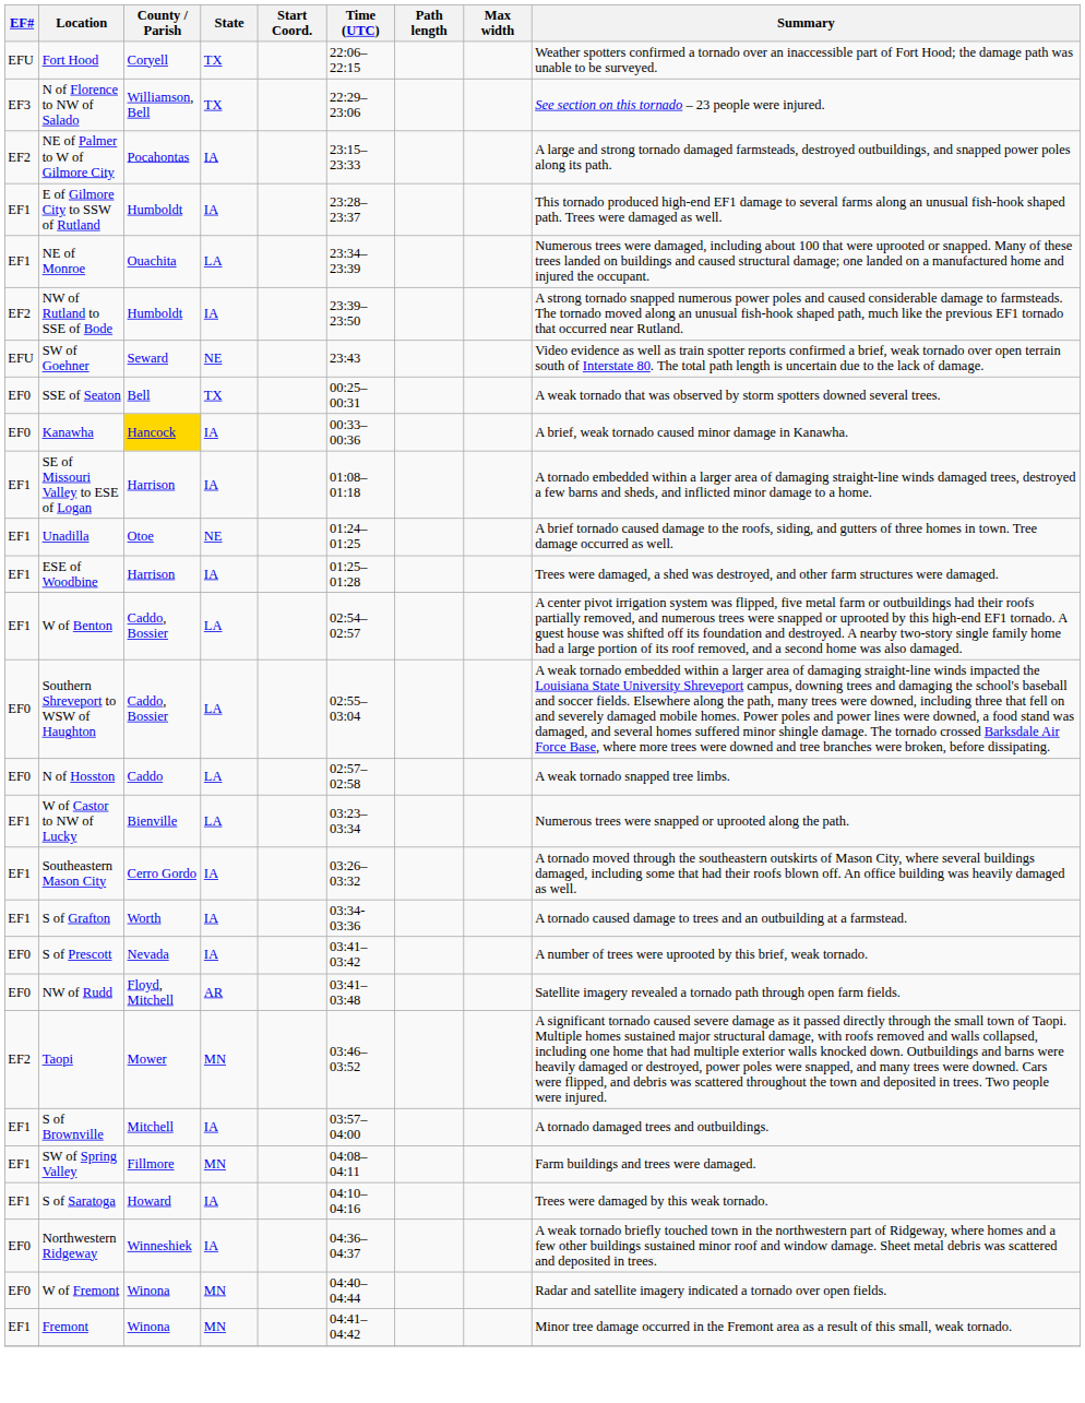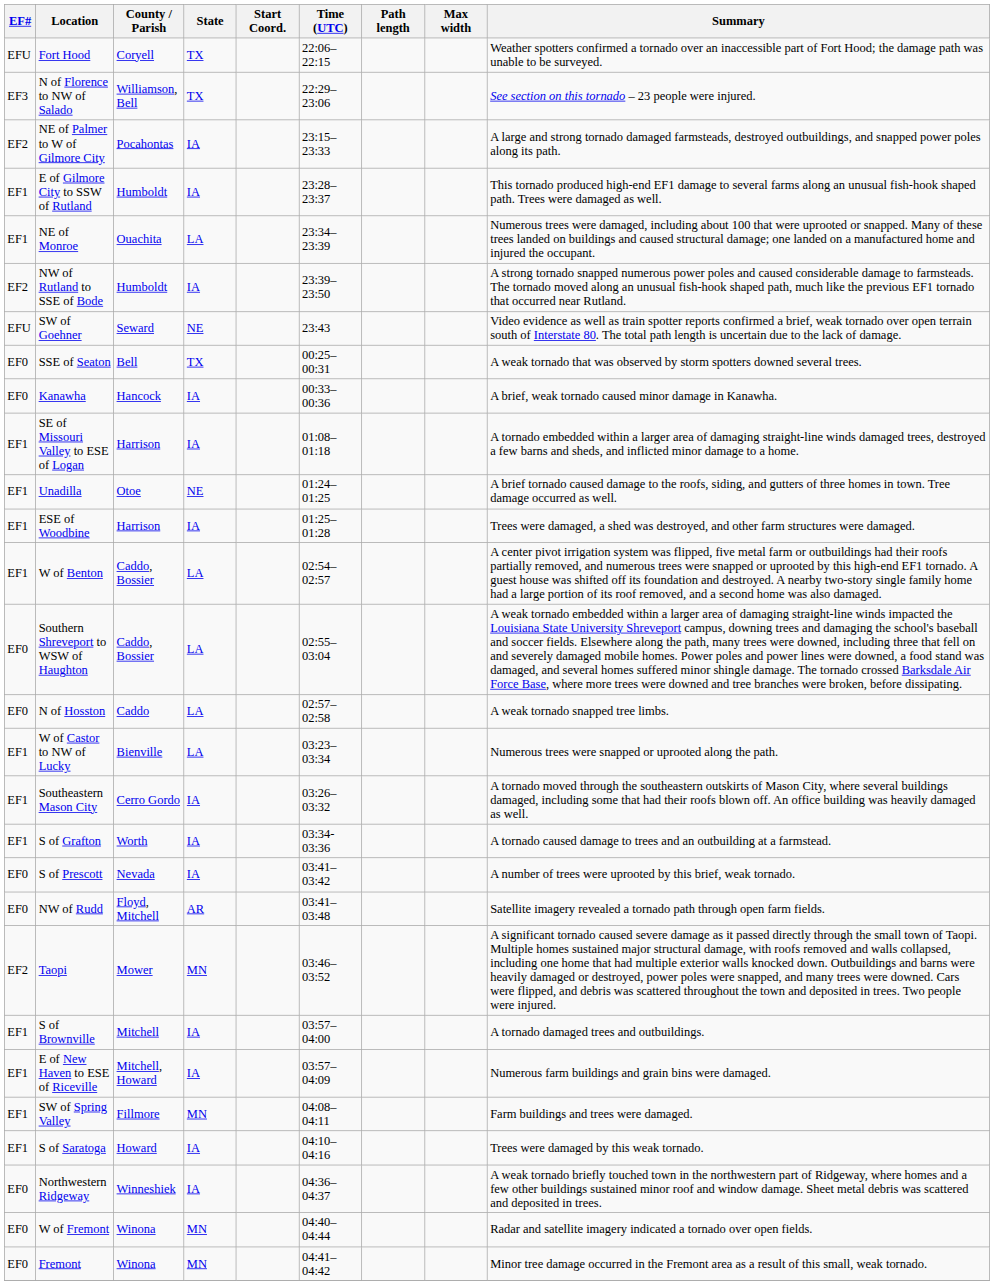 <table class="wikitable sortable" style="width:100%;">
 <tr>
 <th scope="col"  style="width:3%; text-align:center;"><a href='#'>EF#</a></th>
 <th scope="col"  style="width:7%; text-align:center;" class="unsortable">Location</th>
 <th scope="col"  style="width:6%; text-align:center;" class="unsortable">County / Parish</th>
 <th scope="col"  style="width:5%; text-align:center;">State</th>
 <th scope="col"  style="width:6%; text-align:center;">Start Coord.</th>
 <th scope="col"  style="width:6%; text-align:center;">Time (<a href='#'>UTC</a>)</th>
 <th scope="col"  style="width:6%; text-align:center;">Path length</th>
 <th scope="col"  style="width:6%; text-align:center;">Max width</th>
 <th scope="col" class="unsortable" style="width:48%; text-align:center;">Summary</th>
 </tr>
 <tr>
 <td>EFU</td>
 <td><a href='#'>Fort Hood</a></td>
 <td><a href='#'>Coryell</a></td>
 <td><a href='#'>TX</a></td>
 <td></td>
 <td>22:06–22:15</td>
 <td></td>
 <td></td>
 <td>Weather spotters confirmed a tornado over an inaccessible part of Fort Hood; the damage path was unable to be surveyed.</td>
 </tr>
 <tr>
 <td>EF3</td>
 <td>N of <a href='#'>Florence</a> to NW of <a href='#'>Salado</a></td>
 <td><a href='#'>Williamson</a>, <a href='#'>Bell</a></td>
 <td><a href='#'>TX</a></td>
 <td></td>
 <td>22:29–23:06</td>
 <td></td>
 <td></td>
 <td><em><a href='#'>See section on this tornado</a></em> – 23 people were injured.</td>
 </tr>
 <tr>
 <td>EF2</td>
 <td>NE of <a href='#'>Palmer</a> to W of <a href='#'>Gilmore City</a></td>
 <td><a href='#'>Pocahontas</a></td>
 <td><a href='#'>IA</a></td>
 <td></td>
 <td>23:15–23:33</td>
 <td></td>
 <td></td>
 <td>A large and strong tornado damaged farmsteads, destroyed outbuildings, and snapped power poles along its path.</td>
 </tr>
 <tr>
 <td>EF1</td>
 <td>E of <a href='#'>Gilmore City</a> to SSW of <a href='#'>Rutland</a></td>
 <td><a href='#'>Humboldt</a></td>
 <td><a href='#'>IA</a></td>
 <td></td>
 <td>23:28–23:37</td>
 <td></td>
 <td></td>
 <td>This tornado produced high-end EF1 damage to several farms along an unusual fish-hook shaped path. Trees were damaged as well.</td>
 </tr>
 <tr>
 <td>EF1</td>
 <td>NE of <a href='#'>Monroe</a></td>
 <td><a href='#'>Ouachita</a></td>
 <td><a href='#'>LA</a></td>
 <td></td>
 <td>23:34–23:39</td>
 <td></td>
 <td></td>
 <td>Numerous trees were damaged, including about 100 that were uprooted or snapped. Many of these trees landed on buildings and caused structural damage; one landed on a manufactured home and injured the occupant.</td>
 </tr>
 <tr>
 <td>EF2</td>
 <td>NW of <a href='#'>Rutland</a> to SSE of <a href='#'>Bode</a></td>
 <td><a href='#'>Humboldt</a></td>
 <td><a href='#'>IA</a></td>
 <td></td>
 <td>23:39–23:50</td>
 <td></td>
 <td></td>
 <td>A strong tornado snapped numerous power poles and caused considerable damage to farmsteads. The tornado moved along an unusual fish-hook shaped path, much like the previous EF1 tornado that occurred near Rutland.</td>
 </tr>
 <tr>
 <td>EFU</td>
 <td>SW of <a href='#'>Goehner</a></td>
 <td><a href='#'>Seward</a></td>
 <td><a href='#'>NE</a></td>
 <td></td>
 <td>23:43</td>
 <td></td>
 <td></td>
 <td>Video evidence as well as train spotter reports confirmed a brief, weak tornado over open terrain south of <a href='#'>Interstate 80</a>. The total path length is uncertain due to the lack of damage.</td>
 </tr>
 <tr>
 <td>EF0</td>
 <td>SSE of <a href='#'>Seaton</a></td>
 <td><a href='#'>Bell</a></td>
 <td><a href='#'>TX</a></td>
 <td></td>
 <td>00:25–00:31</td>
 <td></td>
 <td></td>
 <td>A weak tornado that was observed by storm spotters downed several trees.</td>
 </tr>
 <tr>
 <td>EF0</td>
 <td><a href='#'>Kanawha</a></td>
-<td style="background: gold;"><a href='#'>Hancock</a></td>
+<td><a href='#'>Hancock</a></td>
 <td><a href='#'>IA</a></td>
 <td></td>
 <td>00:33–00:36</td>
 <td></td>
 <td></td>
 <td>A brief, weak tornado caused minor damage in Kanawha.</td>
 </tr>
 <tr>
 <td>EF1</td>
 <td>SE of <a href='#'>Missouri Valley</a> to ESE of <a href='#'>Logan</a></td>
 <td><a href='#'>Harrison</a></td>
 <td><a href='#'>IA</a></td>
 <td></td>
 <td>01:08–01:18</td>
 <td></td>
 <td></td>
 <td>A tornado embedded within a larger area of damaging straight-line winds damaged trees, destroyed a few barns and sheds, and inflicted minor damage to a home.</td>
 </tr>
 <tr>
 <td>EF1</td>
 <td><a href='#'>Unadilla</a></td>
 <td><a href='#'>Otoe</a></td>
 <td><a href='#'>NE</a></td>
 <td></td>
 <td>01:24–01:25</td>
 <td></td>
 <td></td>
 <td>A brief tornado caused damage to the roofs, siding, and gutters of three homes in town. Tree damage occurred as well.</td>
 </tr>
 <tr>
 <td>EF1</td>
 <td>ESE of <a href='#'>Woodbine</a></td>
 <td><a href='#'>Harrison</a></td>
 <td><a href='#'>IA</a></td>
 <td></td>
 <td>01:25–01:28</td>
 <td></td>
 <td></td>
 <td>Trees were damaged, a shed was destroyed, and other farm structures were damaged.</td>
 </tr>
 <tr>
 <td>EF1</td>
 <td>W of <a href='#'>Benton</a></td>
 <td><a href='#'>Caddo</a>, <a href='#'>Bossier</a></td>
 <td><a href='#'>LA</a></td>
 <td></td>
 <td>02:54–02:57</td>
 <td></td>
 <td></td>
 <td>A center pivot irrigation system was flipped, five metal farm or outbuildings had their roofs partially removed, and numerous trees were snapped or uprooted by this high-end EF1 tornado. A guest house was shifted off its foundation and destroyed. A nearby two-story single family home had a large portion of its roof removed, and a second home was also damaged.</td>
 </tr>
 <tr>
 <td>EF0</td>
 <td>Southern <a href='#'>Shreveport</a> to WSW of <a href='#'>Haughton</a></td>
 <td><a href='#'>Caddo</a>, <a href='#'>Bossier</a></td>
 <td><a href='#'>LA</a></td>
 <td></td>
 <td>02:55–03:04</td>
 <td></td>
 <td></td>
 <td>A weak tornado embedded within a larger area of damaging straight-line winds impacted the <a href='#'>Louisiana State University Shreveport</a> campus, downing trees and damaging the school's baseball and soccer fields. Elsewhere along the path, many trees were downed, including three that fell on and severely damaged mobile homes. Power poles and power lines were downed, a food stand was damaged, and several homes suffered minor shingle damage. The tornado crossed <a href='#'>Barksdale Air Force Base</a>, where more trees were downed and tree branches were broken, before dissipating.</td>
 </tr>
 <tr>
 <td>EF0</td>
 <td>N of <a href='#'>Hosston</a></td>
 <td><a href='#'>Caddo</a></td>
 <td><a href='#'>LA</a></td>
 <td></td>
 <td>02:57–02:58</td>
 <td></td>
 <td></td>
 <td>A weak tornado snapped tree limbs.</td>
 </tr>
 <tr>
 <td>EF1</td>
 <td>W of <a href='#'>Castor</a> to NW of <a href='#'>Lucky</a></td>
 <td><a href='#'>Bienville</a></td>
 <td><a href='#'>LA</a></td>
 <td></td>
 <td>03:23–03:34</td>
 <td></td>
 <td></td>
 <td>Numerous trees were snapped or uprooted along the path.</td>
 </tr>
 <tr>
 <td>EF1</td>
 <td>Southeastern <a href='#'>Mason City</a></td>
 <td><a href='#'>Cerro Gordo</a></td>
 <td><a href='#'>IA</a></td>
 <td></td>
 <td>03:26–03:32</td>
 <td></td>
 <td></td>
 <td>A tornado moved through the southeastern outskirts of Mason City, where several buildings damaged, including some that had their roofs blown off. An office building was heavily damaged as well.</td>
 </tr>
 <tr>
 <td>EF1</td>
 <td>S of <a href='#'>Grafton</a></td>
 <td><a href='#'>Worth</a></td>
 <td><a href='#'>IA</a></td>
 <td></td>
 <td>03:34-03:36</td>
 <td></td>
 <td></td>
 <td>A tornado caused damage to trees and an outbuilding at a farmstead.</td>
 </tr>
 <tr>
 <td>EF0</td>
 <td>S of <a href='#'>Prescott</a></td>
 <td><a href='#'>Nevada</a></td>
 <td><a href='#'>IA</a></td>
 <td></td>
 <td>03:41–03:42</td>
 <td></td>
 <td></td>
 <td>A number of trees were uprooted by this brief, weak tornado.</td>
 </tr>
 <tr>
 <td>EF0</td>
 <td>NW of <a href='#'>Rudd</a></td>
 <td><a href='#'>Floyd</a>, <a href='#'>Mitchell</a></td>
 <td><a href='#'>AR</a></td>
 <td></td>
 <td>03:41–03:48</td>
 <td></td>
 <td></td>
 <td>Satellite imagery revealed a tornado path through open farm fields.</td>
 </tr>
 <tr>
 <td>EF2</td>
 <td><a href='#'>Taopi</a></td>
 <td><a href='#'>Mower</a></td>
 <td><a href='#'>MN</a></td>
 <td></td>
 <td>03:46–03:52</td>
 <td></td>
 <td></td>
 <td>A significant tornado caused severe damage as it passed directly through the small town of Taopi. Multiple homes sustained major structural damage, with roofs removed and walls collapsed, including one home that had multiple exterior walls knocked down. Outbuildings and barns were heavily damaged or destroyed, power poles were snapped, and many trees were downed. Cars were flipped, and debris was scattered throughout the town and deposited in trees. Two people were injured.</td>
 </tr>
 <tr>
 <td>EF1</td>
 <td>S of <a href='#'>Brownville</a></td>
 <td><a href='#'>Mitchell</a></td>
 <td><a href='#'>IA</a></td>
 <td></td>
 <td>03:57–04:00</td>
 <td></td>
 <td></td>
 <td>A tornado damaged trees and outbuildings.</td>
 </tr>
 <tr>
 <td>EF1</td>
+<td>E of <a href='#'>New Haven</a> to ESE of <a href='#'>Riceville</a></td>
+<td><a href='#'>Mitchell</a>, <a href='#'>Howard</a></td>
+<td><a href='#'>IA</a></td>
+<td></td>
+<td>03:57–04:09</td>
+<td></td>
+<td></td>
+<td>Numerous farm buildings and grain bins were damaged.</td>
+</tr>
+<tr>
+<td>EF1</td>
 <td>SW of <a href='#'>Spring Valley</a></td>
 <td><a href='#'>Fillmore</a></td>
 <td><a href='#'>MN</a></td>
 <td></td>
 <td>04:08–04:11</td>
 <td></td>
 <td></td>
 <td>Farm buildings and trees were damaged.</td>
 </tr>
 <tr>
 <td>EF1</td>
 <td>S of <a href='#'>Saratoga</a></td>
 <td><a href='#'>Howard</a></td>
 <td><a href='#'>IA</a></td>
 <td></td>
 <td>04:10–04:16</td>
 <td></td>
 <td></td>
 <td>Trees were damaged by this weak tornado.</td>
 </tr>
 <tr>
 <td>EF0</td>
 <td>Northwestern <a href='#'>Ridgeway</a></td>
 <td><a href='#'>Winneshiek</a></td>
 <td><a href='#'>IA</a></td>
 <td></td>
 <td>04:36–04:37</td>
 <td></td>
 <td></td>
 <td>A weak tornado briefly touched town in the northwestern part of Ridgeway, where homes and a few other buildings sustained minor roof and window damage. Sheet metal debris was scattered and deposited in trees.</td>
 </tr>
 <tr>
 <td>EF0</td>
 <td>W of <a href='#'>Fremont</a></td>
 <td><a href='#'>Winona</a></td>
 <td><a href='#'>MN</a></td>
 <td></td>
 <td>04:40–04:44</td>
 <td></td>
 <td></td>
 <td>Radar and satellite imagery indicated a tornado over open fields.</td>
 </tr>
 <tr>
-<td>EF1</td>
+<td>EF0</td>
 <td><a href='#'>Fremont</a></td>
 <td><a href='#'>Winona</a></td>
 <td><a href='#'>MN</a></td>
 <td></td>
 <td>04:41–04:42</td>
 <td></td>
 <td></td>
 <td>Minor tree damage occurred in the Fremont area as a result of this small, weak tornado.</td>
 </tr>
 <tr>
 </tr>
 </table>
